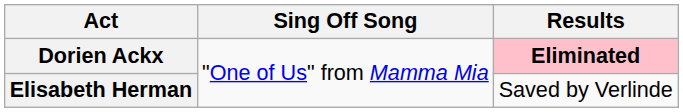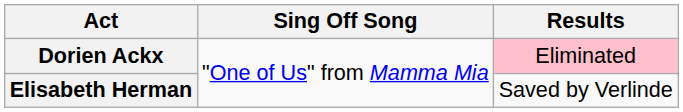 <table class="wikitable plainrowheaders" style="text-align:center;">
 <tr>
 <th scope="col">Act</th>
 <th scope="col">Sing Off Song</th>
 <th scope="col">Results</th>
 </tr>
 <tr>
 <th scope="row">Dorien Ackx</th>
 <td rowspan="2">"<a href='#'>One of Us</a>" from <em><a href='#'>Mamma Mia</a></em></td>
-<td style="background:pink;"><strong>Eliminated</strong></td>
+<td style="background:pink;">Eliminated</td>
 </tr>
 <tr>
 <th scope="row">Elisabeth Herman</th>
 <td>Saved by Verlinde</td>
 </tr>
 </table>
